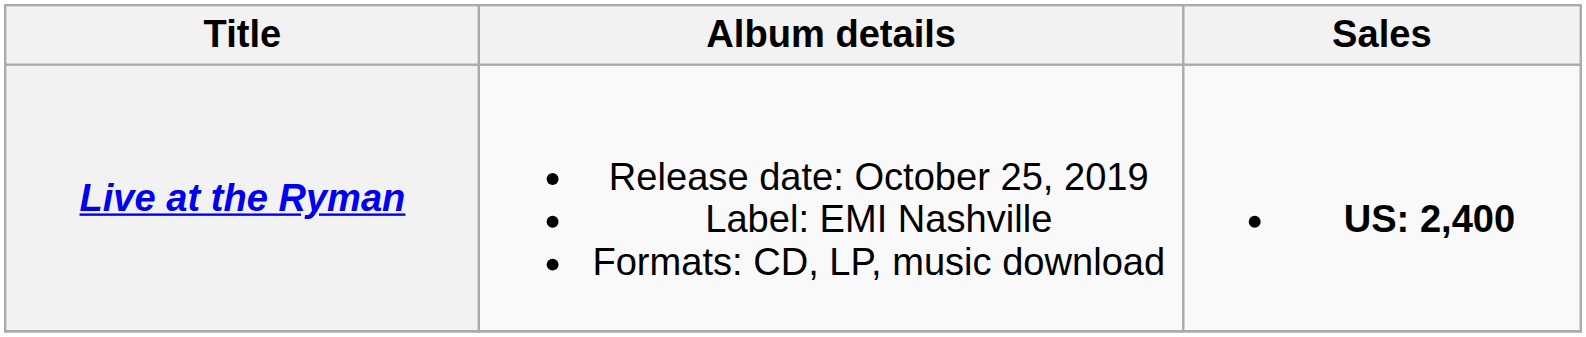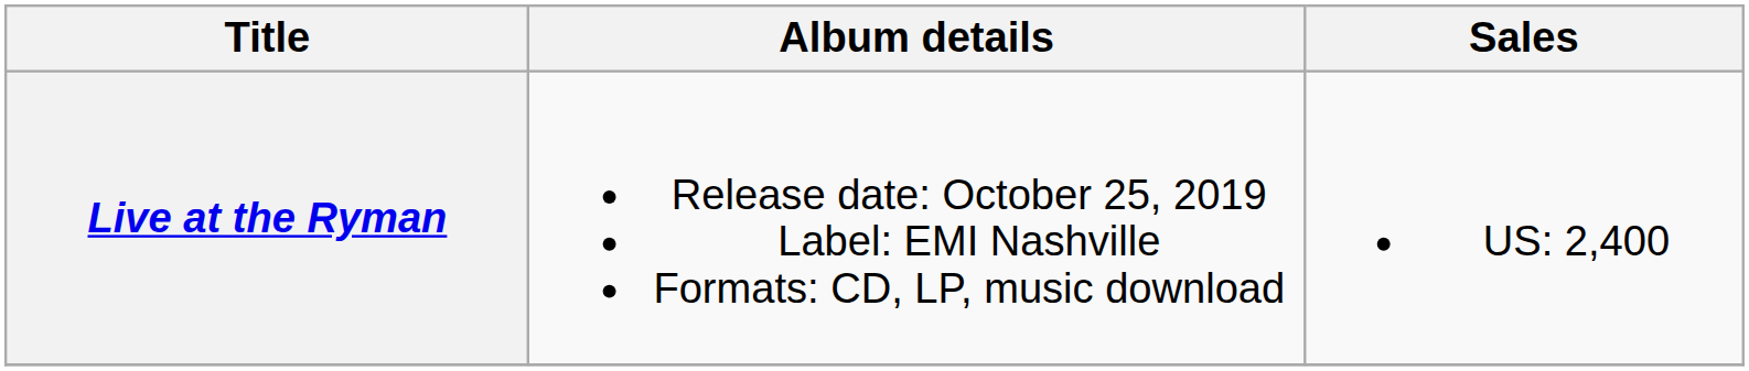 <table class="wikitable plainrowheaders" style="text-align:center;">
 <tr>
 <th scope="col" style="width:12em;">Title</th>
 <th scope="col" style="width:18em;">Album details</th>
 <th scope="col" style="width:10em;">Sales</th>
 </tr>
 <tr>
 <th scope = "row"><em><a href='#'>Live at the Ryman</a></em></th>
 <td><br><ul><li>Release date: October 25, 2019</li><li>Label: EMI Nashville</li><li>Formats: CD, LP, music download</li></ul></td>
-<td><strong><br><ul><li>US: 2,400</li></ul></strong></td>
+<td><br><ul><li>US: 2,400</li></ul></td>
 </tr>
 <tr>
 </tr>
 </table>
